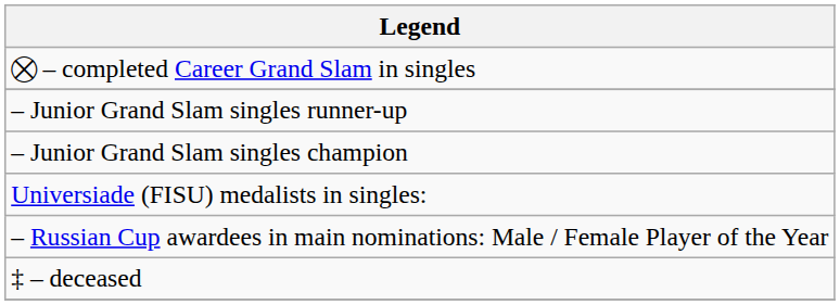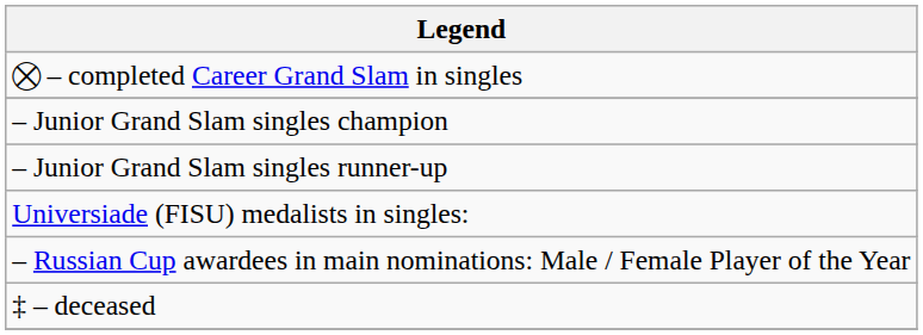 <table class="wikitable" style="font-size:95%; max-width:40em">
 <tr>
 <th>Legend</th>
 </tr>
 <tr>
 <td>⛒ – completed <a href='#'>Career Grand Slam</a> in singles</td>
 </tr>
 <tr>
 </tr>
 <tr>
-<td> – Junior Grand Slam singles runner-up</td>
+<td> – Junior Grand Slam singles champion</td>
 </tr>
 <tr>
-<td> – Junior Grand Slam singles champion</td>
+<td> – Junior Grand Slam singles runner-up</td>
 </tr>
 <tr>
 <td><a href='#'>Universiade</a> (FISU) medalists in singles:<br></td>
 </tr>
 <tr>
 <td> – <a href='#'>Russian Cup</a> awardees in main nominations: Male / Female Player of the Year</td>
 </tr>
 <tr>
 <td>‡ – deceased</td>
 </tr>
 <tr>
 </tr>
 </table>
